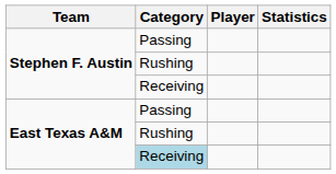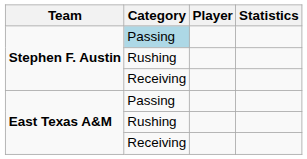 <table class="wikitable" style="float: right;">
 <tr>
 <th>Team</th>
 <th>Category</th>
 <th>Player</th>
 <th>Statistics</th>
 </tr>
 <tr>
 <td rowspan=3><strong>Stephen F. Austin</strong></td>
-<td>Passing</td>
+<td style="background: lightblue;">Passing</td>
 <td></td>
 <td></td>
 </tr>
 <tr>
 <td>Rushing</td>
 <td></td>
 <td></td>
 </tr>
 <tr>
 <td>Receiving</td>
 <td></td>
 <td></td>
 </tr>
 <tr>
 <td rowspan=3><strong>East Texas A&M</strong></td>
 <td>Passing</td>
 <td></td>
 <td></td>
 </tr>
 <tr>
 <td>Rushing</td>
 <td></td>
 <td></td>
 </tr>
 <tr>
-<td style="background: lightblue;">Receiving</td>
+<td>Receiving</td>
 <td></td>
 <td></td>
 </tr>
 </table>
